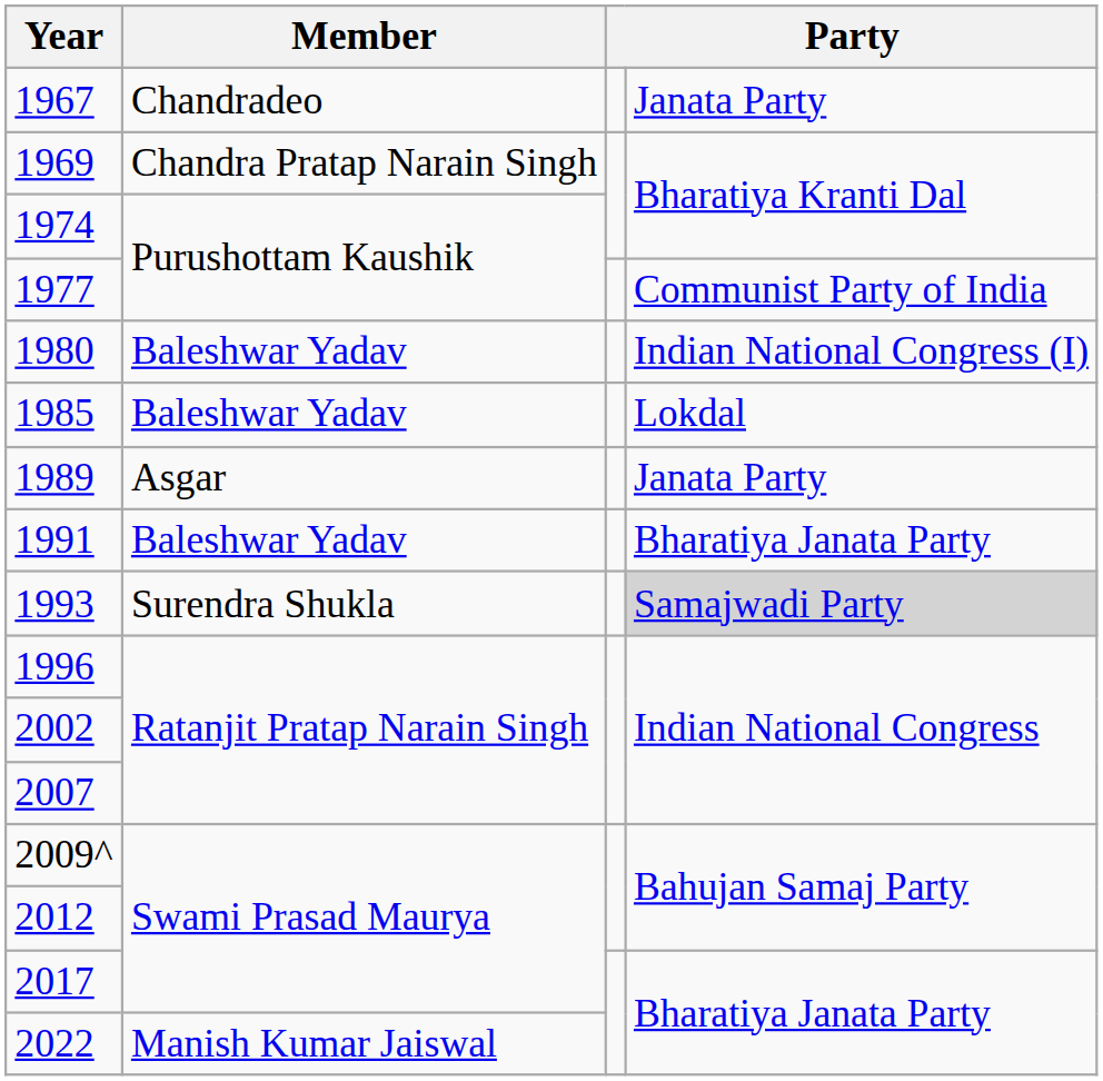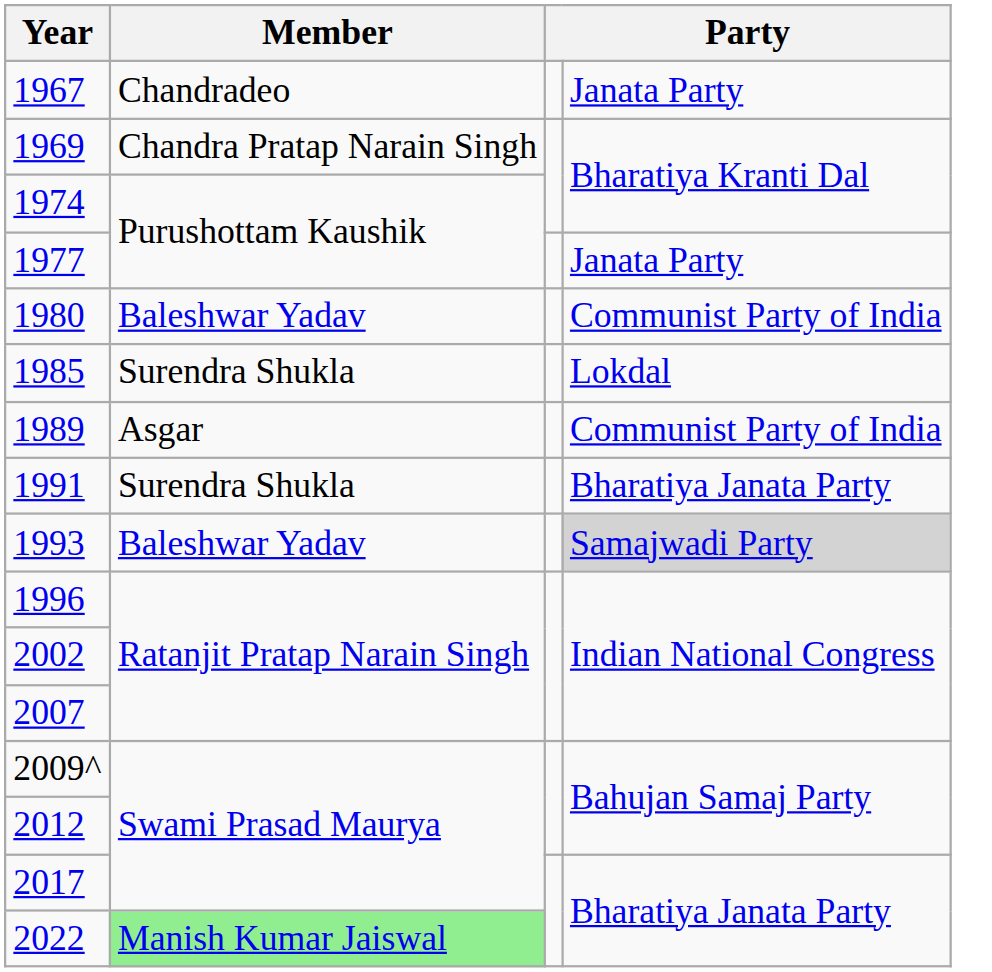 <table class="wikitable">
 <tr>
 <th>Year</th>
 <th>Member</th>
 <th colspan="2">Party</th>
 </tr>
 <tr>
 <td><a href='#'>1967</a></td>
 <td>Chandradeo</td>
 <td style="background-color: "></td>
 <td><a href='#'>Janata Party</a></td>
 </tr>
 <tr>
 <td><a href='#'>1969</a></td>
 <td>Chandra Pratap Narain Singh</td>
 <td rowspan="2" style="background-color: "></td>
 <td rowspan="2"><a href='#'>Bharatiya Kranti Dal</a></td>
 </tr>
 <tr>
 <td><a href='#'>1974</a></td>
 <td rowspan="2">Purushottam Kaushik</td>
 </tr>
 <tr>
 <td><a href='#'>1977</a></td>
 <td style="background-color: "></td>
-<td><a href='#'>Communist Party of India</a></td>
+<td><a href='#'>Janata Party</a></td>
 </tr>
 <tr>
 <td><a href='#'>1980</a></td>
 <td><a href='#'>Baleshwar Yadav</a></td>
 <td style="background-color: "></td>
-<td><a href='#'>Indian National Congress (I)</a></td>
+<td><a href='#'>Communist Party of India</a></td>
 </tr>
 <tr>
 <td><a href='#'>1985</a></td>
-<td><a href='#'>Baleshwar Yadav</a></td>
+<td>Surendra Shukla</td>
 <td style="background-color: "></td>
 <td><a href='#'>Lokdal</a></td>
 </tr>
 <tr>
 <td><a href='#'>1989</a></td>
 <td>Asgar</td>
 <td style="background-color: "></td>
-<td><a href='#'>Janata Party</a></td>
+<td><a href='#'>Communist Party of India</a></td>
 </tr>
 <tr>
 <td><a href='#'>1991</a></td>
-<td><a href='#'>Baleshwar Yadav</a></td>
+<td>Surendra Shukla</td>
 <td style="background-color: "></td>
 <td><a href='#'>Bharatiya Janata Party</a></td>
 </tr>
 <tr>
 <td><a href='#'>1993</a></td>
-<td>Surendra Shukla</td>
+<td><a href='#'>Baleshwar Yadav</a></td>
 <td style="background-color: "></td>
 <td style="background: lightgrey;"><a href='#'>Samajwadi Party</a></td>
 </tr>
 <tr>
 <td><a href='#'>1996</a></td>
 <td rowspan="3"><a href='#'>Ratanjit Pratap Narain Singh</a></td>
 <td rowspan="3" style="background-color: "></td>
 <td rowspan="3"><a href='#'>Indian National Congress</a></td>
 </tr>
 <tr>
 <td><a href='#'>2002</a></td>
 </tr>
 <tr>
 <td><a href='#'>2007</a></td>
 </tr>
 <tr>
 <td>2009^</td>
 <td rowspan="3"><a href='#'>Swami Prasad Maurya</a></td>
 <td rowspan="2" style="background-color: "></td>
 <td rowspan="2"><a href='#'>Bahujan Samaj Party</a></td>
 </tr>
 <tr>
 <td><a href='#'>2012</a></td>
 </tr>
 <tr>
 <td><a href='#'>2017</a></td>
 <td rowspan="2" style="background-color: "></td>
 <td rowspan="2"><a href='#'>Bharatiya Janata Party</a></td>
 </tr>
 <tr>
 <td><a href='#'>2022</a></td>
-<td><a href='#'>Manish Kumar Jaiswal</a></td>
+<td style="background: lightgreen;"><a href='#'>Manish Kumar Jaiswal</a></td>
 </tr>
 </table>
